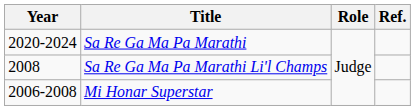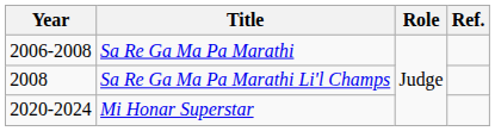 <table class="wikitable">
 <tr>
 <th>Year</th>
 <th>Title</th>
 <th>Role</th>
 <th>Ref.</th>
 </tr>
 <tr>
-<td>2020-2024</td>
+<td>2006-2008</td>
 <td><em><a href='#'>Sa Re Ga Ma Pa Marathi</a></em></td>
 <td rowspan="3">Judge</td>
 <td></td>
 </tr>
 <tr>
 <td>2008</td>
 <td><em><a href='#'>Sa Re Ga Ma Pa Marathi Li'l Champs</a></em></td>
 <td></td>
 </tr>
 <tr>
-<td>2006-2008</td>
+<td>2020-2024</td>
 <td><em><a href='#'>Mi Honar Superstar</a></em></td>
 <td></td>
 </tr>
 </table>
